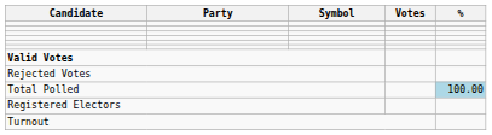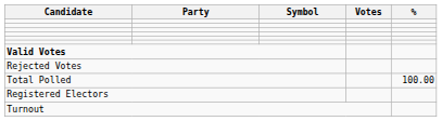 <table class="wikitable" border="1" style="text-align:right;">
 <tr>
 <th align=left width="180">Candidate</th>
 <th align=left width="180">Party</th>
 <th align=left width="120">Symbol</th>
 <th align=left width="60">Votes</th>
 <th align=left width="60">%</th>
 </tr>
 <tr>
 <td align=left></td>
 <td align=left></td>
 <td align=left></td>
 <td></td>
 <td></td>
 </tr>
 <tr>
 <td align=left></td>
 <td align=left></td>
 <td align=left></td>
 <td></td>
 <td></td>
 </tr>
 <tr>
 <td align=left></td>
 <td align=left></td>
 <td align=left></td>
 <td></td>
 <td></td>
 </tr>
 <tr>
 <td align=left></td>
 <td align=left></td>
 <td align=left></td>
 <td></td>
 <td></td>
 </tr>
 <tr>
 <td align=left></td>
 <td align=left></td>
 <td align=left></td>
 <td></td>
 <td></td>
 </tr>
 <tr>
 <td align=left></td>
 <td align=left></td>
 <td align=left></td>
 <td></td>
 <td></td>
 </tr>
 <tr>
 <td align=left colspan=3><strong>Valid Votes</strong></td>
 <td><strong> </strong></td>
 <td><strong> </strong></td>
 </tr>
 <tr>
 <td align=left colspan=3>Rejected Votes</td>
 <td></td>
 <td></td>
 </tr>
 <tr>
 <td align=left colspan=3>Total Polled</td>
 <td></td>
-<td style="background: lightblue;">100.00</td>
+<td>100.00</td>
 </tr>
 <tr>
 <td align=left colspan=3>Registered Electors</td>
 <td></td>
 <td></td>
 </tr>
 <tr>
 <td align=left colspan=4>Turnout</td>
 <td></td>
 </tr>
 </table>
